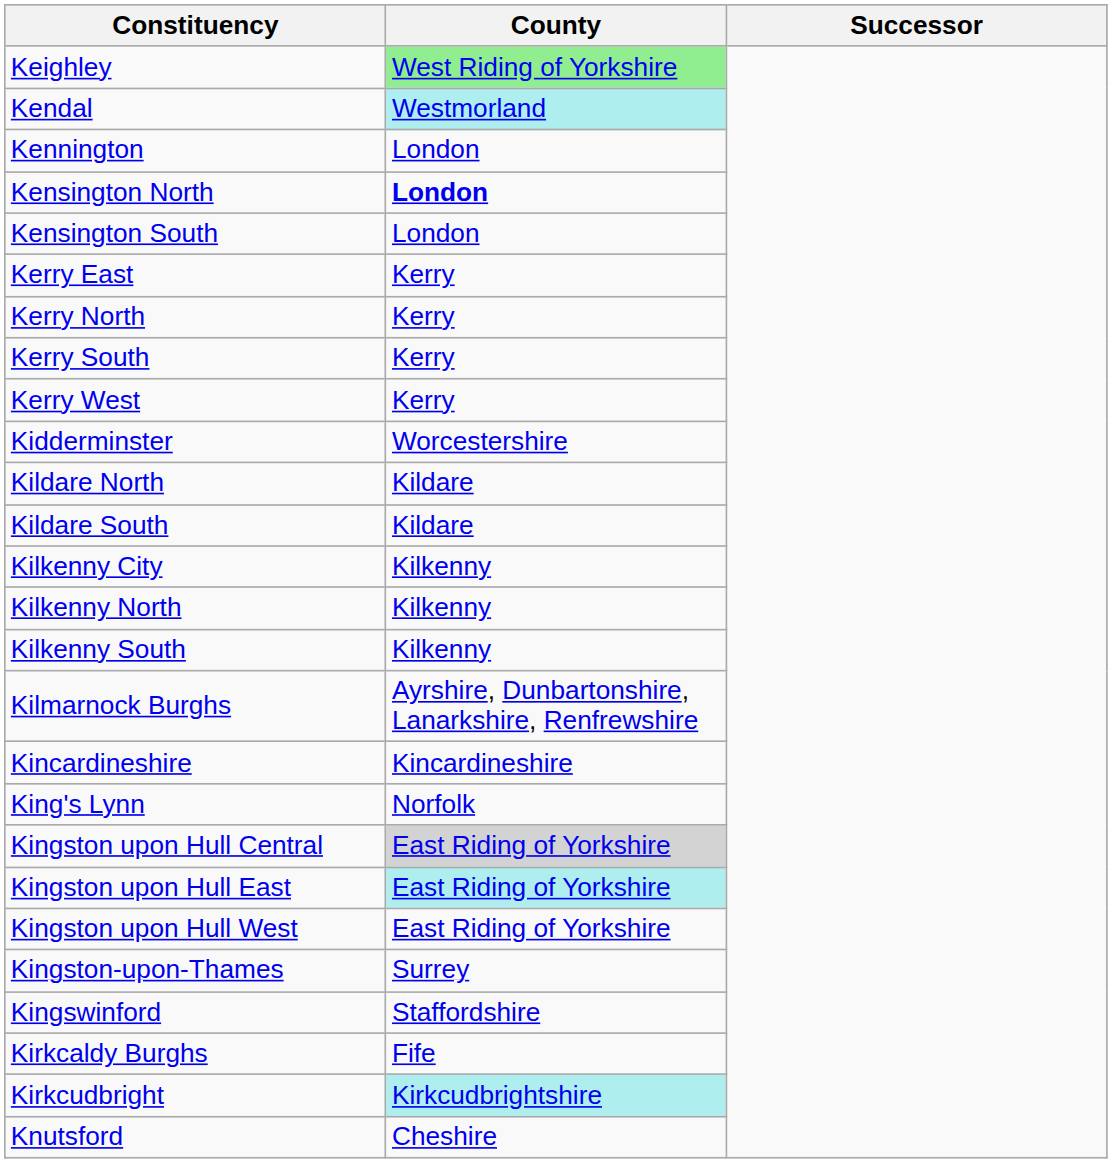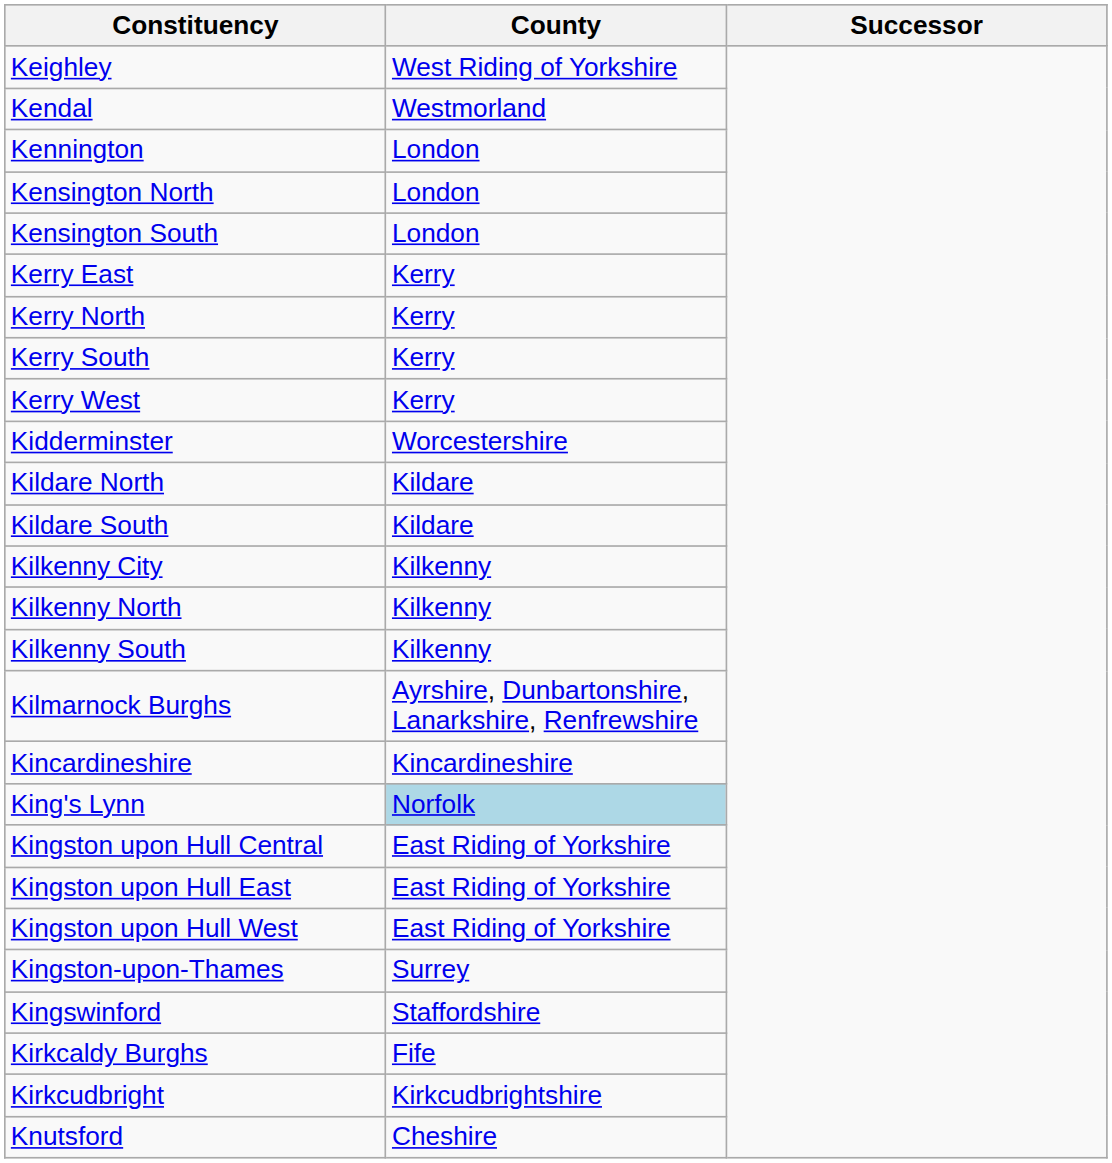 <table class="wikitable">
 <tr>
 <th width="225px">Constituency</th>
 <th width="200px">County</th>
 <th width="225px">Successor</th>
 </tr>
 <tr>
 <td><a href='#'>Keighley</a></td>
-<td style="background: lightgreen;"><a href='#'>West Riding of Yorkshire</a></td>
+<td><a href='#'>West Riding of Yorkshire</a></td>
 </tr>
 <tr>
 <td><a href='#'>Kendal</a></td>
-<td style="background: paleturquoise;"><a href='#'>Westmorland</a></td>
+<td><a href='#'>Westmorland</a></td>
 </tr>
 <tr>
 <td><a href='#'>Kennington</a></td>
 <td><a href='#'>London</a></td>
 </tr>
 <tr>
 <td><a href='#'>Kensington North</a></td>
-<td><strong><a href='#'>London</a></strong></td>
+<td><a href='#'>London</a></td>
 </tr>
 <tr>
 <td><a href='#'>Kensington South</a></td>
 <td><a href='#'>London</a></td>
 </tr>
 <tr>
 <td><a href='#'>Kerry East</a></td>
 <td><a href='#'>Kerry</a></td>
 </tr>
 <tr>
 <td><a href='#'>Kerry North</a></td>
 <td><a href='#'>Kerry</a></td>
 </tr>
 <tr>
 <td><a href='#'>Kerry South</a></td>
 <td><a href='#'>Kerry</a></td>
 </tr>
 <tr>
 <td><a href='#'>Kerry West</a></td>
 <td><a href='#'>Kerry</a></td>
 </tr>
 <tr>
 <td><a href='#'>Kidderminster</a></td>
 <td><a href='#'>Worcestershire</a></td>
 </tr>
 <tr>
 <td><a href='#'>Kildare North</a></td>
 <td><a href='#'>Kildare</a></td>
 </tr>
 <tr>
 <td><a href='#'>Kildare South</a></td>
 <td><a href='#'>Kildare</a></td>
 </tr>
 <tr>
 <td><a href='#'>Kilkenny City</a></td>
 <td><a href='#'>Kilkenny</a></td>
 </tr>
 <tr>
 <td><a href='#'>Kilkenny North</a></td>
 <td><a href='#'>Kilkenny</a></td>
 </tr>
 <tr>
 <td><a href='#'>Kilkenny South</a></td>
 <td><a href='#'>Kilkenny</a></td>
 </tr>
 <tr>
 <td><a href='#'>Kilmarnock Burghs</a></td>
 <td><a href='#'>Ayrshire</a>, <a href='#'>Dunbartonshire</a>, <a href='#'>Lanarkshire</a>, <a href='#'>Renfrewshire</a></td>
 </tr>
 <tr>
 <td><a href='#'>Kincardineshire</a></td>
 <td><a href='#'>Kincardineshire</a></td>
 </tr>
 <tr>
 <td><a href='#'>King's Lynn</a></td>
-<td><a href='#'>Norfolk</a></td>
+<td style="background: lightblue;"><a href='#'>Norfolk</a></td>
 </tr>
 <tr>
 <td><a href='#'>Kingston upon Hull Central</a></td>
-<td style="background: lightgrey;"><a href='#'>East Riding of Yorkshire</a></td>
+<td><a href='#'>East Riding of Yorkshire</a></td>
 </tr>
 <tr>
 <td><a href='#'>Kingston upon Hull East</a></td>
-<td style="background: paleturquoise;"><a href='#'>East Riding of Yorkshire</a></td>
+<td><a href='#'>East Riding of Yorkshire</a></td>
 </tr>
 <tr>
 <td><a href='#'>Kingston upon Hull West</a></td>
 <td><a href='#'>East Riding of Yorkshire</a></td>
 </tr>
 <tr>
 <td><a href='#'>Kingston-upon-Thames</a></td>
 <td><a href='#'>Surrey</a></td>
 </tr>
 <tr>
 <td><a href='#'>Kingswinford</a></td>
 <td><a href='#'>Staffordshire</a></td>
 </tr>
 <tr>
 <td><a href='#'>Kirkcaldy Burghs</a></td>
 <td><a href='#'>Fife</a></td>
 </tr>
 <tr>
 <td><a href='#'>Kirkcudbright</a></td>
-<td style="background: paleturquoise;"><a href='#'>Kirkcudbrightshire</a></td>
+<td><a href='#'>Kirkcudbrightshire</a></td>
 </tr>
 <tr>
 <td><a href='#'>Knutsford</a></td>
 <td><a href='#'>Cheshire</a></td>
 </tr>
 </table>
